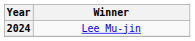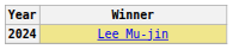 <table class="wikitable plainrowheaders" style="text-align:center">
 <tr>
 <th scope="col">Year</th>
 <th scope="col" width="200">Winner</th>
 </tr>
 <tr>
 <th scope="row">2024</th>
-<td><a href='#'>Lee Mu-jin</a></td>
+<td style="background: khaki;"><a href='#'>Lee Mu-jin</a></td>
 </tr>
 <tr>
 </tr>
 </table>
